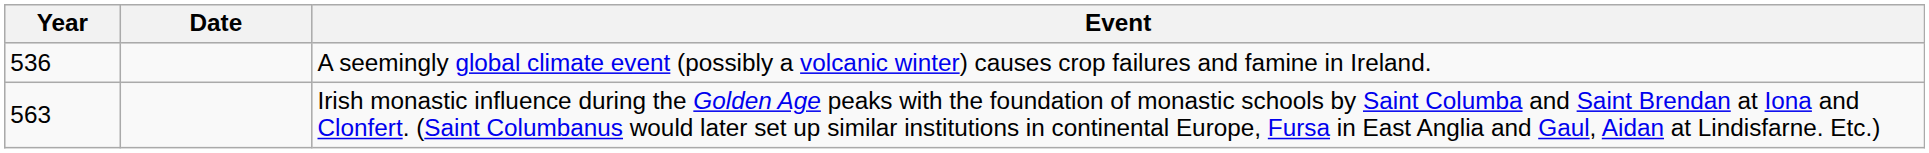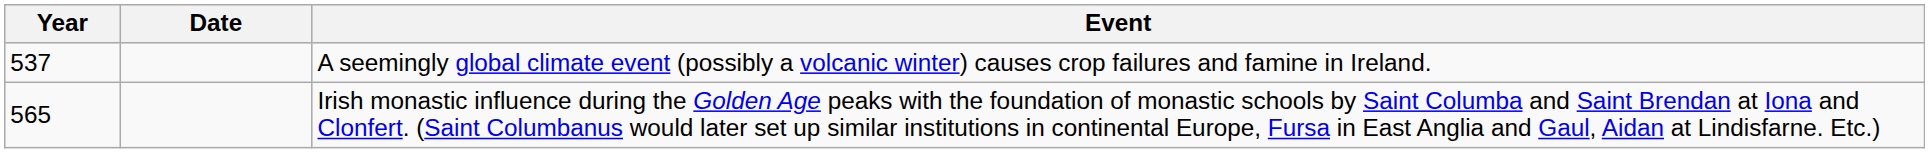 <table class="wikitable" width="100%">
 <tr>
 <th style="width:6%">Year</th>
 <th style="width:10%">Date</th>
 <th>Event</th>
 </tr>
 <tr>
-<td>536</td>
+<td>537</td>
 <td></td>
 <td>A seemingly <a href='#'>global climate event</a> (possibly a <a href='#'>volcanic winter</a>) causes crop failures and famine in Ireland.</td>
 </tr>
 <tr>
-<td>563</td>
+<td>565</td>
 <td></td>
 <td>Irish monastic influence during the <em><a href='#'>Golden Age</a></em> peaks with the foundation of monastic schools by <a href='#'>Saint Columba</a> and <a href='#'>Saint Brendan</a> at <a href='#'>Iona</a> and <a href='#'>Clonfert</a>. (<a href='#'>Saint Columbanus</a> would later set up similar institutions in continental Europe, <a href='#'>Fursa</a> in East Anglia and <a href='#'>Gaul</a>, <a href='#'>Aidan</a> at Lindisfarne. Etc.)</td>
 </tr>
 </table>
